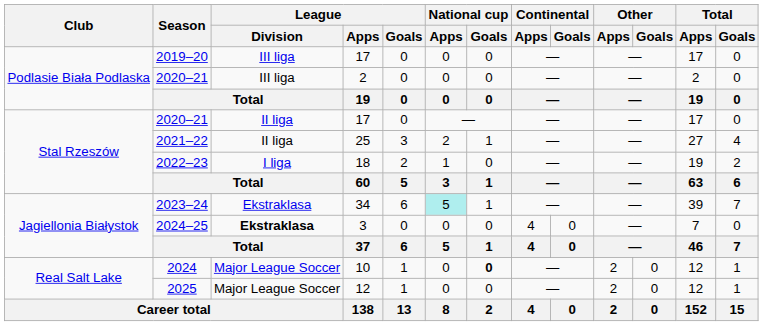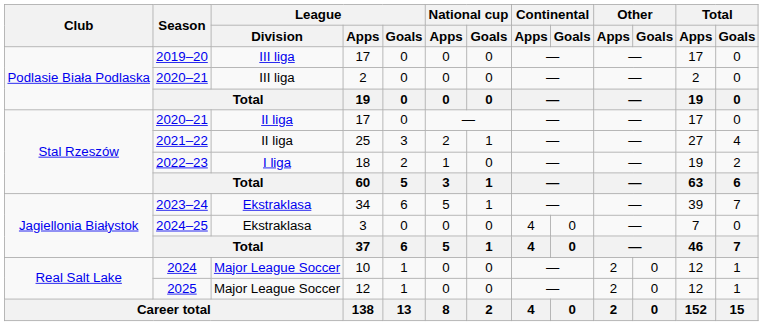 <table class="wikitable" style="text-align: center;">
 <tr>
 <th rowspan=2>Club</th>
 <th rowspan=2>Season</th>
 <th colspan=3>League</th>
 <th colspan=2>National cup</th>
 <th colspan=2>Continental</th>
 <th colspan=2>Other</th>
 <th colspan=2>Total</th>
 </tr>
 <tr>
 <th>Division</th>
 <th>Apps</th>
 <th>Goals</th>
 <th>Apps</th>
 <th>Goals</th>
 <th>Apps</th>
 <th>Goals</th>
 <th>Apps</th>
 <th>Goals</th>
 <th>Apps</th>
 <th>Goals</th>
 </tr>
 <tr>
 <td rowspan="3"><a href='#'>Podlasie Biała Podlaska</a></td>
 <td><a href='#'>2019–20</a></td>
 <td><a href='#'>III liga</a></td>
 <td>17</td>
 <td>0</td>
 <td>0</td>
 <td>0</td>
 <td colspan="2">—</td>
 <td colspan="2">—</td>
 <td>17</td>
 <td>0</td>
 </tr>
 <tr>
 <td><a href='#'>2020–21</a></td>
 <td>III liga</td>
 <td>2</td>
 <td>0</td>
 <td>0</td>
 <td>0</td>
 <td colspan="2">—</td>
 <td colspan="2">—</td>
 <td>2</td>
 <td>0</td>
 </tr>
 <tr>
 <th colspan="2">Total</th>
 <th>19</th>
 <th>0</th>
 <th>0</th>
 <th>0</th>
 <th colspan="2">—</th>
 <th colspan="2">—</th>
 <th>19</th>
 <th>0</th>
 </tr>
 <tr>
 <td rowspan="4"><a href='#'>Stal Rzeszów</a></td>
 <td><a href='#'>2020–21</a></td>
 <td><a href='#'>II liga</a></td>
 <td>17</td>
 <td>0</td>
 <td colspan="2">—</td>
 <td colspan="2">—</td>
 <td colspan="2">—</td>
 <td>17</td>
 <td>0</td>
 </tr>
 <tr>
 <td><a href='#'>2021–22</a></td>
 <td>II liga</td>
 <td>25</td>
 <td>3</td>
 <td>2</td>
 <td>1</td>
 <td colspan="2">—</td>
 <td colspan="2">—</td>
 <td>27</td>
 <td>4</td>
 </tr>
 <tr>
 <td><a href='#'>2022–23</a></td>
 <td><a href='#'>I liga</a></td>
 <td>18</td>
 <td>2</td>
 <td>1</td>
 <td>0</td>
 <td colspan="2">—</td>
 <td colspan="2">—</td>
 <td>19</td>
 <td>2</td>
 </tr>
 <tr>
 <th colspan="2">Total</th>
 <th>60</th>
 <th>5</th>
 <th>3</th>
 <th>1</th>
 <th colspan="2">—</th>
 <th colspan="2">—</th>
 <th>63</th>
 <th>6</th>
 </tr>
 <tr>
 <td rowspan="3"><a href='#'>Jagiellonia Białystok</a></td>
 <td><a href='#'>2023–24</a></td>
 <td><a href='#'>Ekstraklasa</a></td>
 <td>34</td>
 <td>6</td>
-<td style="background: paleturquoise;">5</td>
+<td>5</td>
 <td>1</td>
 <td colspan="2">—</td>
 <td colspan="2">—</td>
 <td>39</td>
 <td>7</td>
 </tr>
 <tr>
 <td><a href='#'>2024–25</a></td>
-<td><strong>Ekstraklasa</strong></td>
+<td>Ekstraklasa</td>
 <td>3</td>
 <td>0</td>
 <td>0</td>
 <td>0</td>
 <td>4</td>
 <td>0</td>
 <td colspan="2">—</td>
 <td>7</td>
 <td>0</td>
 </tr>
 <tr>
 <th colspan="2">Total</th>
 <th>37</th>
 <th>6</th>
 <th>5</th>
 <th>1</th>
 <th>4</th>
 <th>0</th>
 <th colspan="2">—</th>
 <th>46</th>
 <th>7</th>
 </tr>
 <tr>
 <td rowspan="2"><a href='#'>Real Salt Lake</a></td>
 <td><a href='#'>2024</a></td>
 <td><a href='#'>Major League Soccer</a></td>
 <td>10</td>
 <td>1</td>
 <td>0</td>
-<td><strong>0</strong></td>
+<td>0</td>
 <td colspan="2">—</td>
 <td>2</td>
 <td>0</td>
 <td>12</td>
 <td>1</td>
 </tr>
 <tr>
 <td><a href='#'>2025</a></td>
 <td>Major League Soccer</td>
 <td>12</td>
 <td>1</td>
 <td>0</td>
 <td>0</td>
 <td colspan="2">—</td>
 <td>2</td>
 <td>0</td>
 <td>12</td>
 <td>1</td>
 </tr>
 <tr>
 <th colspan="3">Career total</th>
 <th>138</th>
 <th>13</th>
 <th>8</th>
 <th>2</th>
 <th>4</th>
 <th>0</th>
 <th>2</th>
 <th>0</th>
 <th>152</th>
 <th>15</th>
 </tr>
 </table>
